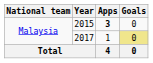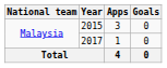 <table class=wikitable style="text-align: center;">
 <tr>
 <th>National team</th>
 <th>Year</th>
 <th>Apps</th>
 <th>Goals</th>
 </tr>
 <tr>
 <td rowspan=2><a href='#'>Malaysia</a></td>
 <td>2015</td>
-<td><strong>3</strong></td>
+<td>3</td>
 <td>0</td>
 </tr>
 <tr>
 <td>2017</td>
 <td>1</td>
-<td style="background: khaki;">0</td>
+<td>0</td>
 </tr>
 <tr>
 <th colspan=2>Total</th>
 <th>4</th>
 <th>0</th>
 </tr>
 </table>
